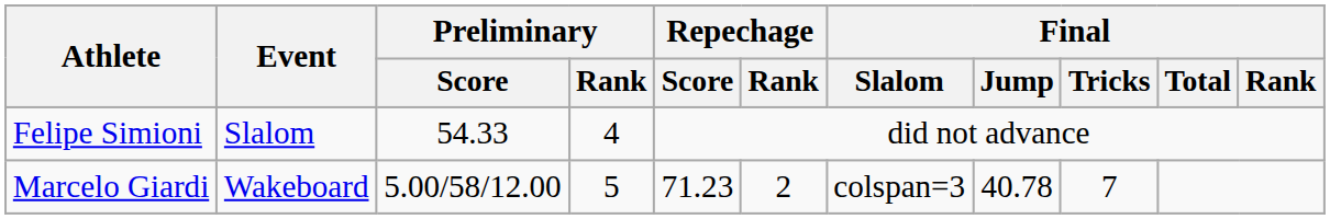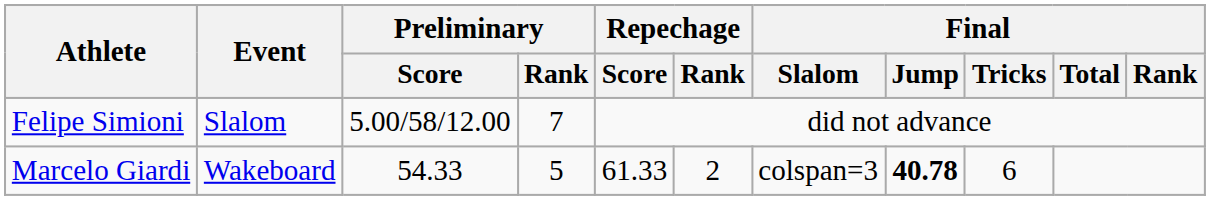 <table class=wikitable style=font-size:90%;text-align:center>
 <tr>
 <th rowspan=2>Athlete</th>
 <th rowspan=2>Event</th>
 <th colspan=2>Preliminary</th>
 <th colspan=2>Repechage</th>
 <th colspan=5>Final</th>
 </tr>
 <tr style=font-size:95%>
 <th>Score</th>
 <th>Rank</th>
 <th>Score</th>
 <th>Rank</th>
 <th>Slalom</th>
 <th>Jump</th>
 <th>Tricks</th>
 <th>Total</th>
 <th>Rank</th>
 </tr>
 <tr>
 <td align=left><a href='#'>Felipe Simioni</a></td>
 <td align=left><a href='#'>Slalom</a></td>
-<td>54.33</td>
-<td>4</td>
+<td>5.00/58/12.00</td>
+<td>7</td>
 <td colspan=7>did not advance</td>
 </tr>
 <tr>
 <td align=left><a href='#'>Marcelo Giardi</a></td>
 <td align=left><a href='#'>Wakeboard</a></td>
-<td>5.00/58/12.00</td>
+<td>54.33</td>
 <td>5</td>
-<td>71.23</td>
+<td>61.33</td>
 <td>2</td>
 <td>colspan=3 </td>
-<td>40.78</td>
-<td>7</td>
+<td><strong>40.78</strong></td>
+<td>6</td>
 </tr>
 </table>
